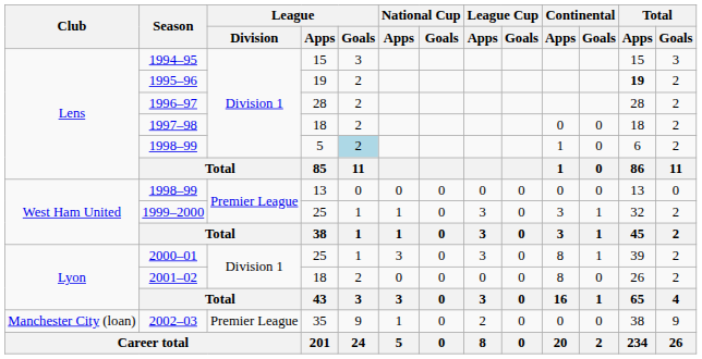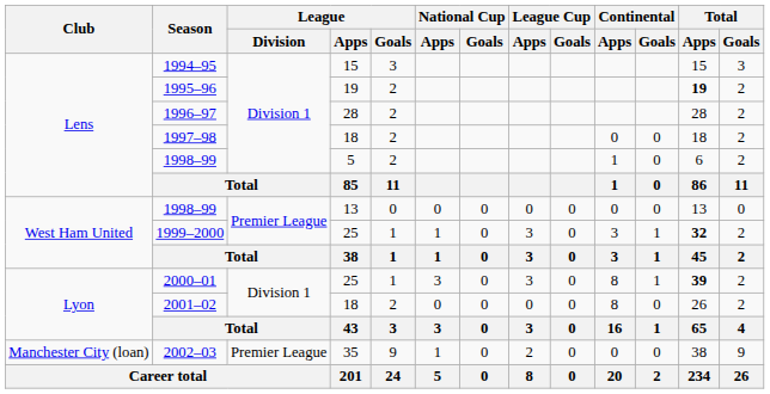 <table class="wikitable" style="text-align:center">
 <tr>
 <th rowspan="2">Club</th>
 <th rowspan="2">Season</th>
 <th colspan="3">League</th>
 <th colspan="2">National Cup</th>
 <th colspan="2">League Cup</th>
 <th colspan="2">Continental</th>
 <th colspan="2">Total</th>
 </tr>
 <tr>
 <th>Division</th>
 <th>Apps</th>
 <th>Goals</th>
 <th>Apps</th>
 <th>Goals</th>
 <th>Apps</th>
 <th>Goals</th>
 <th>Apps</th>
 <th>Goals</th>
 <th>Apps</th>
 <th>Goals</th>
 </tr>
 <tr>
 <td rowspan="6"><a href='#'>Lens</a></td>
 <td><a href='#'>1994–95</a></td>
 <td rowspan="5"><a href='#'>Division 1</a></td>
 <td>15</td>
 <td>3</td>
 <td></td>
 <td></td>
 <td></td>
 <td></td>
 <td></td>
 <td></td>
 <td>15</td>
 <td>3</td>
 </tr>
 <tr>
 <td><a href='#'>1995–96</a></td>
 <td>19</td>
 <td>2</td>
 <td></td>
 <td></td>
 <td></td>
 <td></td>
 <td></td>
 <td></td>
 <td><strong>19</strong></td>
 <td>2</td>
 </tr>
 <tr>
 <td><a href='#'>1996–97</a></td>
 <td>28</td>
 <td>2</td>
 <td></td>
 <td></td>
 <td></td>
 <td></td>
 <td></td>
 <td></td>
 <td>28</td>
 <td>2</td>
 </tr>
 <tr>
 <td><a href='#'>1997–98</a></td>
 <td>18</td>
 <td>2</td>
 <td></td>
 <td></td>
 <td></td>
 <td></td>
 <td>0</td>
 <td>0</td>
 <td>18</td>
 <td>2</td>
 </tr>
 <tr>
 <td><a href='#'>1998–99</a></td>
 <td>5</td>
-<td style="background: lightblue;">2</td>
+<td>2</td>
 <td></td>
 <td></td>
 <td></td>
 <td></td>
 <td>1</td>
 <td>0</td>
 <td>6</td>
 <td>2</td>
 </tr>
 <tr>
 <th colspan="2">Total</th>
 <th>85</th>
 <th>11</th>
 <th></th>
 <th></th>
 <th></th>
 <th></th>
 <th>1</th>
 <th>0</th>
 <th>86</th>
 <th>11</th>
 </tr>
 <tr>
 <td rowspan="3"><a href='#'>West Ham United</a></td>
 <td><a href='#'>1998–99</a></td>
 <td rowspan="2"><a href='#'>Premier League</a></td>
 <td>13</td>
 <td>0</td>
 <td>0</td>
 <td>0</td>
 <td>0</td>
 <td>0</td>
 <td>0</td>
 <td>0</td>
 <td>13</td>
 <td>0</td>
 </tr>
 <tr>
 <td><a href='#'>1999–2000</a></td>
 <td>25</td>
 <td>1</td>
 <td>1</td>
 <td>0</td>
 <td>3</td>
 <td>0</td>
 <td>3</td>
 <td>1</td>
-<td>32</td>
+<td><strong>32</strong></td>
 <td>2</td>
 </tr>
 <tr>
 <th colspan="2">Total</th>
 <th>38</th>
 <th>1</th>
 <th>1</th>
 <th>0</th>
 <th>3</th>
 <th>0</th>
 <th>3</th>
 <th>1</th>
 <th>45</th>
 <th>2</th>
 </tr>
 <tr>
 <td rowspan="3"><a href='#'>Lyon</a></td>
 <td><a href='#'>2000–01</a></td>
 <td rowspan="2">Division 1</td>
 <td>25</td>
 <td>1</td>
 <td>3</td>
 <td>0</td>
 <td>3</td>
 <td>0</td>
 <td>8</td>
 <td>1</td>
-<td>39</td>
+<td><strong>39</strong></td>
 <td>2</td>
 </tr>
 <tr>
 <td><a href='#'>2001–02</a></td>
 <td>18</td>
 <td>2</td>
 <td>0</td>
 <td>0</td>
 <td>0</td>
 <td>0</td>
 <td>8</td>
 <td>0</td>
 <td>26</td>
 <td>2</td>
 </tr>
 <tr>
 <th colspan="2">Total</th>
 <th>43</th>
 <th>3</th>
 <th>3</th>
 <th>0</th>
 <th>3</th>
 <th>0</th>
 <th>16</th>
 <th>1</th>
 <th>65</th>
 <th>4</th>
 </tr>
 <tr>
 <td><a href='#'>Manchester City</a> (loan)</td>
 <td><a href='#'>2002–03</a></td>
 <td>Premier League</td>
 <td>35</td>
 <td>9</td>
 <td>1</td>
 <td>0</td>
 <td>2</td>
 <td>0</td>
 <td>0</td>
 <td>0</td>
 <td>38</td>
 <td>9</td>
 </tr>
 <tr>
 <th colspan="3">Career total</th>
 <th>201</th>
 <th>24</th>
 <th>5</th>
 <th>0</th>
 <th>8</th>
 <th>0</th>
 <th>20</th>
 <th>2</th>
 <th>234</th>
 <th>26</th>
 </tr>
 </table>
